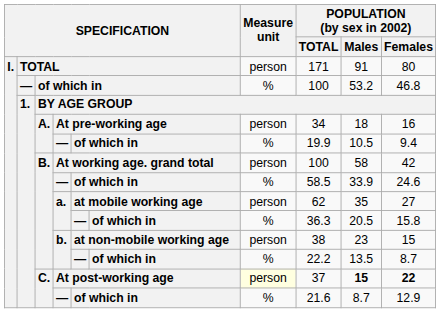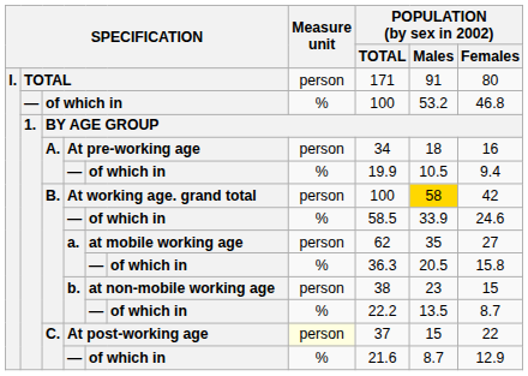 <table class="wikitable" style="font-size:85%; text-align:center">
 <tr>
 <th rowspan="2" colspan="6">SPECIFICATION</th>
 <th rowspan="2">Measure<br> unit</th>
 <th colspan="3" rowspan="1">POPULATION<br> (by sex in 2002)</th>
 </tr>
 <tr>
 <th>TOTAL</th>
 <th>Males</th>
 <th>Females</th>
 </tr>
 <tr>
 <th style="text-align:left" valign="top" rowspan="13">I.</th>
 <th style="text-align:left" colspan="5">TOTAL</th>
 <td>person</td>
 <td>171</td>
 <td>91</td>
 <td>80</td>
 </tr>
 <tr>
 <th style="text-align:left" valign="top">—</th>
 <th style="text-align:left" colspan="4">of which in</th>
 <td>%</td>
 <td>100</td>
 <td>53.2</td>
 <td>46.8</td>
 </tr>
 <tr>
 <th style="text-align:left" valign="top" rowspan="11">1.</th>
 <th style="text-align:left" colspan="19">BY AGE GROUP</th>
 </tr>
 <tr>
 <th style="text-align:left" valign="top" rowspan="2">A.</th>
 <th style="text-align:left" colspan="3">At pre-working age</th>
 <td>person</td>
 <td>34</td>
 <td>18</td>
 <td>16</td>
 </tr>
 <tr>
 <th style="text-align:left" valign="top">—</th>
 <th style="text-align:left" valign="top" colspan="2">of which in</th>
 <td>%</td>
 <td>19.9</td>
 <td>10.5</td>
 <td>9.4</td>
 </tr>
 <tr>
 <th style="text-align:left" valign="top" rowspan="6">B.</th>
 <th style="text-align:left" colspan="3">At working age. grand total</th>
 <td>person</td>
 <td>100</td>
-<td>58</td>
+<td style="background: gold;">58</td>
 <td>42</td>
 </tr>
 <tr>
 <th style="text-align:left" valign="top">—</th>
 <th style="text-align:left" valign="top" colspan="2">of which in</th>
 <td>%</td>
 <td>58.5</td>
 <td>33.9</td>
 <td>24.6</td>
 </tr>
 <tr>
 <th style="text-align:left" valign="top" rowspan="2">a.</th>
 <th style="text-align:left" colspan="2">at mobile working age</th>
 <td>person</td>
 <td>62</td>
 <td>35</td>
 <td>27</td>
 </tr>
 <tr>
 <th style="text-align:left" valign="top">—</th>
 <th style="text-align:left" valign="top" colspan="1">of which in                        </th>
 <td>%</td>
 <td>36.3</td>
 <td>20.5</td>
 <td>15.8</td>
 </tr>
 <tr>
 <th style="text-align:left" valign="top" rowspan="2">b.</th>
 <th style="text-align:left" colspan="2">at non-mobile working age</th>
 <td>person</td>
 <td>38</td>
 <td>23</td>
 <td>15</td>
 </tr>
 <tr>
 <th style="text-align:left" valign="top">—</th>
 <th style="text-align:left" valign="top" colspan="1">of which in                        </th>
 <td>%</td>
 <td>22.2</td>
 <td>13.5</td>
 <td>8.7</td>
 </tr>
 <tr>
 <th style="text-align:left" valign="top" rowspan="2">C.</th>
 <th style="text-align:left" colspan="3">At post-working age</th>
 <td style="background: lightyellow;">person</td>
 <td>37</td>
-<td><strong>15</strong></td>
-<td><strong>22</strong></td>
+<td>15</td>
+<td>22</td>
 </tr>
 <tr>
 <th style="text-align:left" valign="top">—</th>
 <th style="text-align:left" valign="top" colspan="2">of which in</th>
 <td>%</td>
 <td>21.6</td>
 <td>8.7</td>
 <td>12.9</td>
 </tr>
 </table>
